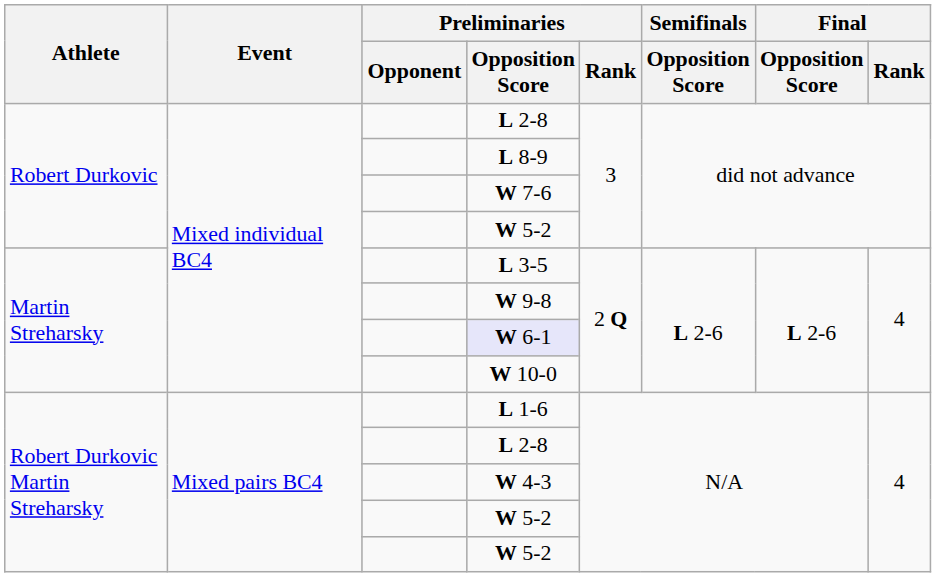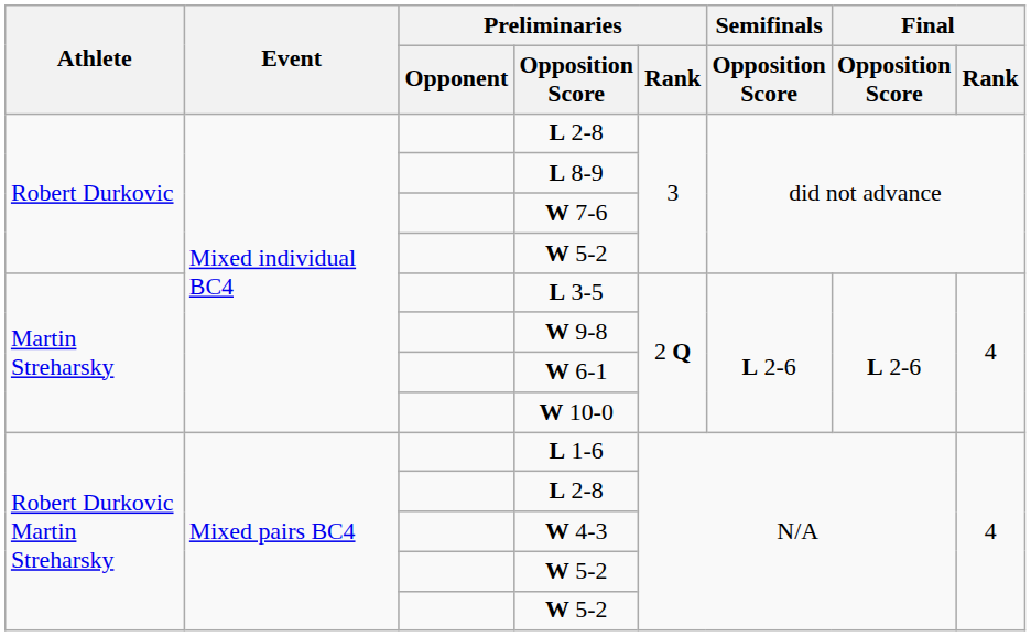 <table class=wikitable style="font-size:90%">
 <tr>
 <th rowspan="2">Athlete</th>
 <th rowspan="2">Event</th>
 <th colspan="3">Preliminaries</th>
 <th>Semifinals</th>
 <th colspan="2">Final</th>
 </tr>
 <tr>
 <th>Opponent</th>
 <th>Opposition<br>Score</th>
 <th>Rank</th>
 <th>Opposition<br>Score</th>
 <th>Opposition<br>Score</th>
 <th>Rank</th>
 </tr>
 <tr>
 <td rowspan="4"><a href='#'>Robert Durkovic</a></td>
 <td rowspan="8"><a href='#'>Mixed individual BC4</a></td>
 <td align="left"></td>
 <td align="center"><strong>L</strong> 2-8</td>
 <td align="center" rowspan="4">3</td>
 <td align="center" rowspan="4" colspan="3">did not advance</td>
 </tr>
 <tr>
 <td align="left"></td>
 <td align="center"><strong>L</strong> 8-9</td>
 </tr>
 <tr>
 <td align="left"></td>
 <td align="center"><strong>W</strong> 7-6</td>
 </tr>
 <tr>
 <td align="left"></td>
 <td align="center"><strong>W</strong> 5-2</td>
 </tr>
 <tr>
 <td rowspan="4"><a href='#'>Martin Streharsky</a></td>
 <td align="left"></td>
 <td align="center"><strong>L</strong> 3-5</td>
 <td align="center" rowspan="4">2 <strong>Q</strong></td>
 <td align="center" rowspan="4"><br><strong>L</strong> 2-6</td>
 <td align="center" rowspan="4"><br><strong>L</strong> 2-6</td>
 <td align="center" rowspan="4">4</td>
 </tr>
 <tr>
 <td align="left"></td>
 <td align="center"><strong>W</strong> 9-8</td>
 </tr>
 <tr>
 <td align="left"></td>
-<td align="center" style="background: lavender;"><strong>W</strong> 6-1</td>
+<td align="center"><strong>W</strong> 6-1</td>
 </tr>
 <tr>
 <td align="left"></td>
 <td align="center"><strong>W</strong> 10-0</td>
 </tr>
 <tr>
 <td rowspan="5"><a href='#'>Robert Durkovic</a><br> <a href='#'>Martin Streharsky</a></td>
 <td rowspan="5"><a href='#'>Mixed pairs BC4</a></td>
 <td align="left"><br> </td>
 <td align="center"><strong>L</strong> 1-6</td>
 <td align="center" rowspan="5" colspan="3">N/A</td>
 <td align="center" rowspan="5">4</td>
 </tr>
 <tr>
 <td align="left"><br> </td>
 <td align="center"><strong>L</strong> 2-8</td>
 </tr>
 <tr>
 <td align="left"><br> </td>
 <td align="center"><strong>W</strong> 4-3</td>
 </tr>
 <tr>
 <td align="left"><br> </td>
 <td align="center"><strong>W</strong> 5-2</td>
 </tr>
 <tr>
 <td align="left"><br> </td>
 <td align="center"><strong>W</strong> 5-2</td>
 </tr>
 </table>
